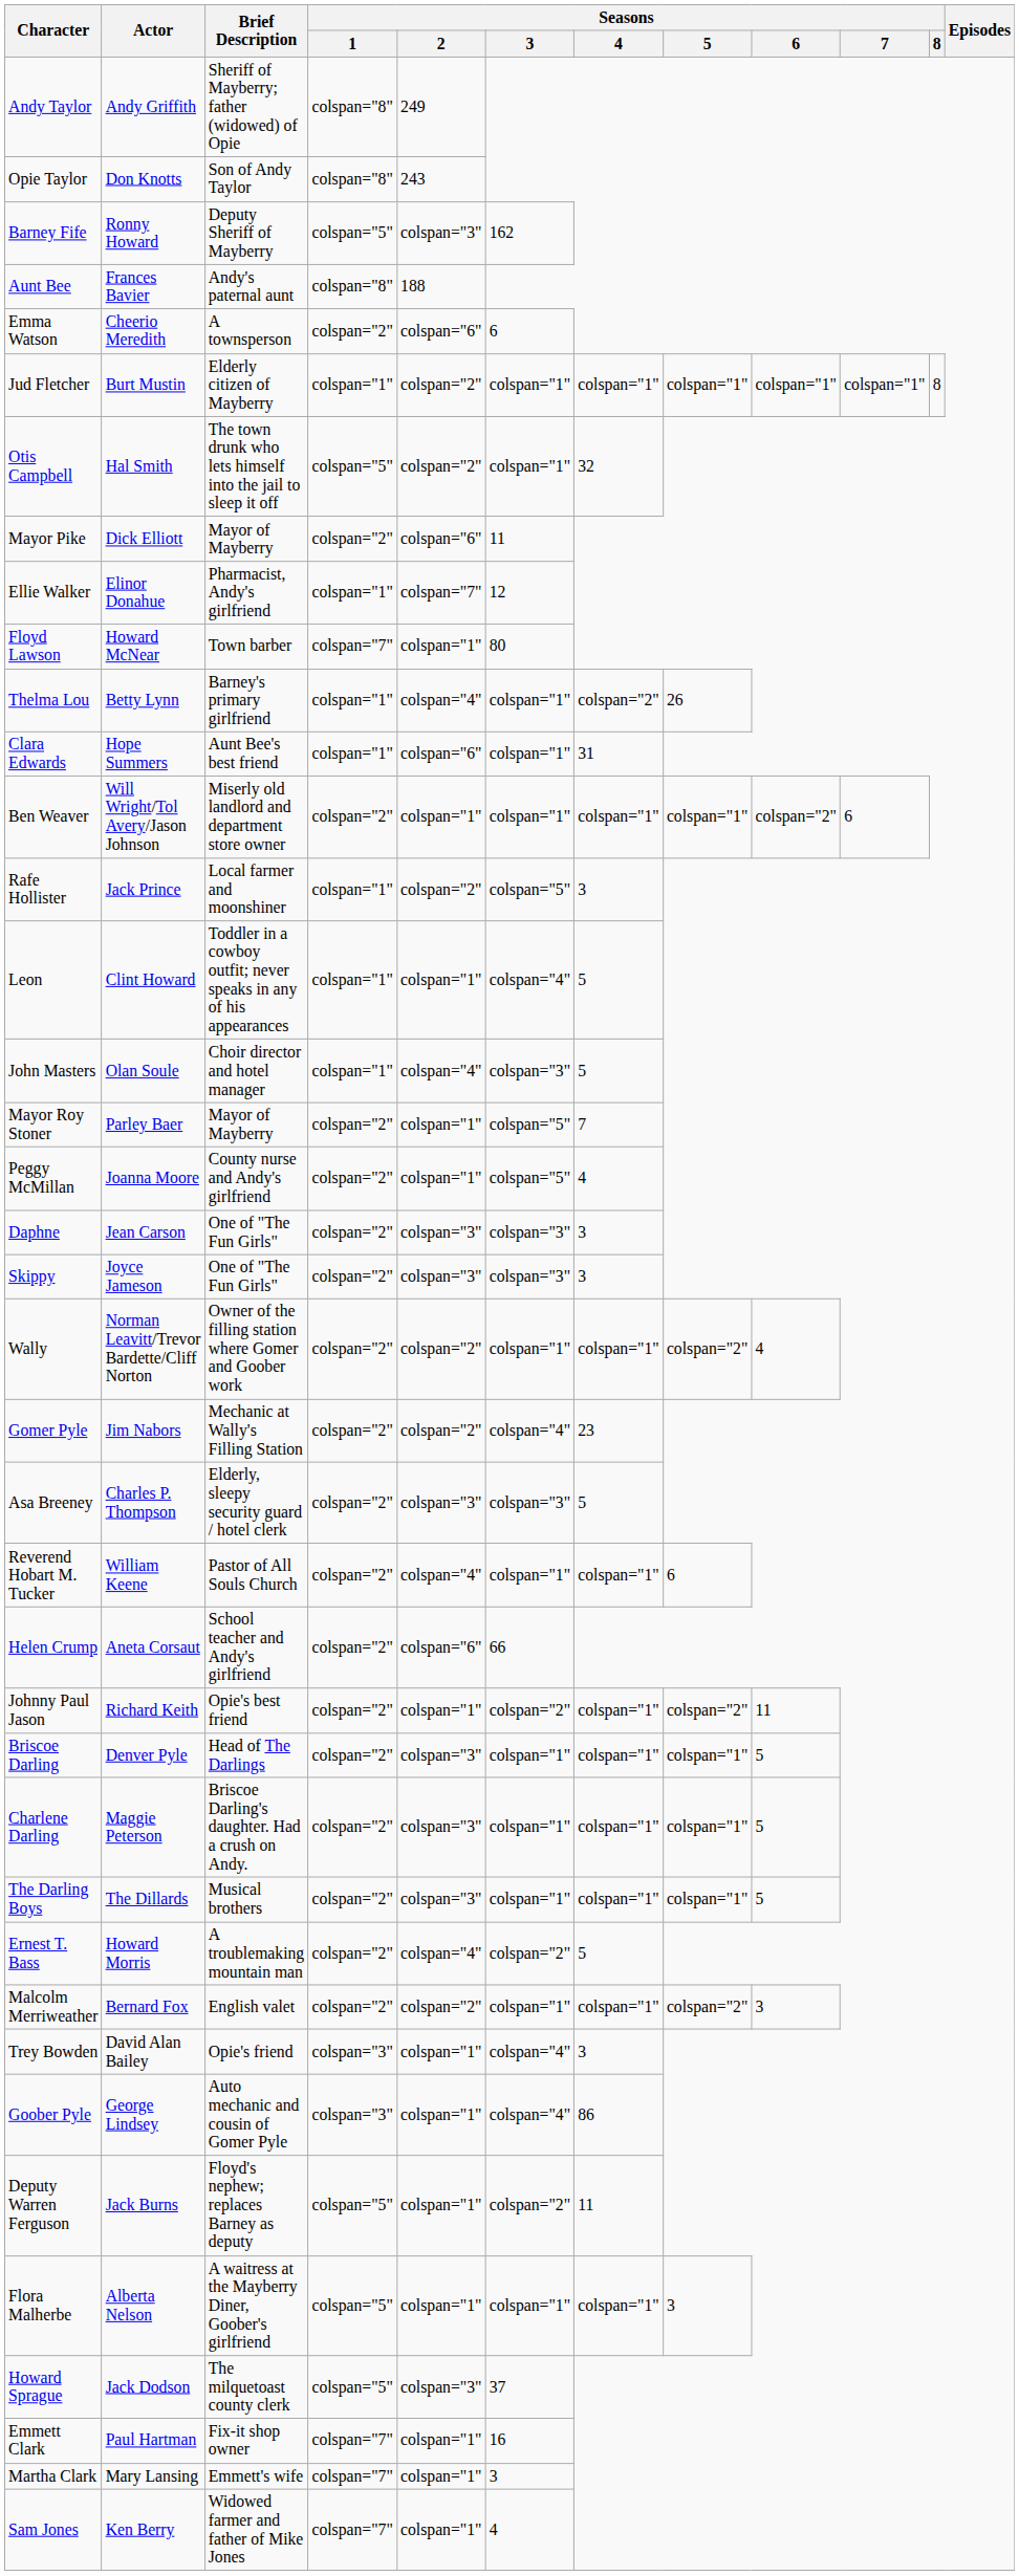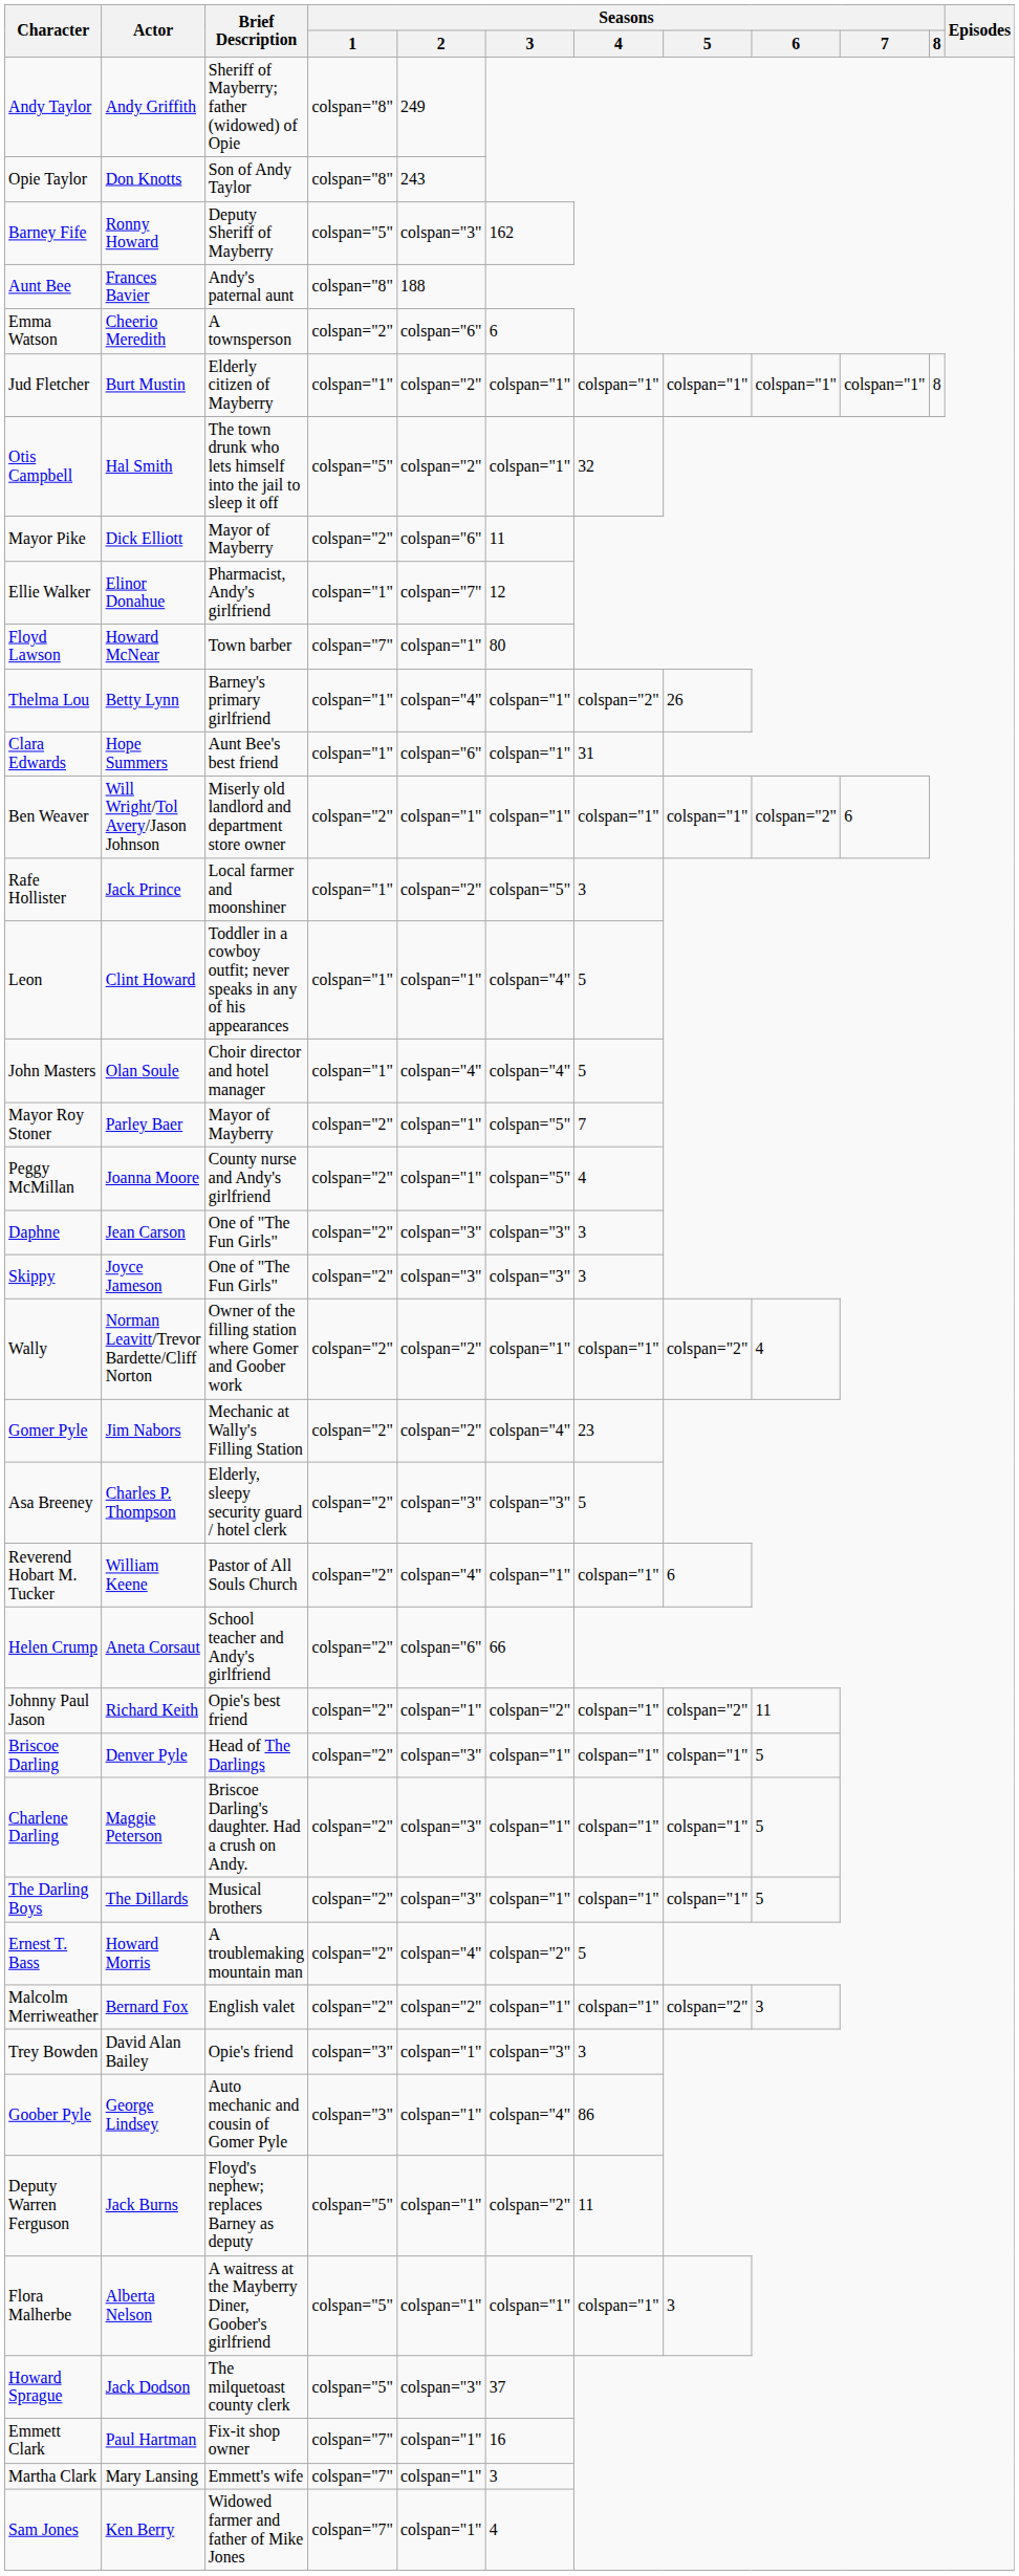 <table class="wikitable">
 <tr>
 <th rowspan="2">Character</th>
 <th rowspan="2">Actor</th>
 <th rowspan="2">Brief Description</th>
 <th colspan="8">Seasons</th>
 <th rowspan="2">Episodes</th>
 </tr>
 <tr>
 <th style="width:5%;">1</th>
 <th style="width:5%;">2</th>
 <th style="width:5%;">3</th>
 <th style="width:5%;">4</th>
 <th style="width:5%;">5</th>
 <th style="width:5%;">6</th>
 <th style="width:5%;">7</th>
 <th style="width:5%;">8</th>
 </tr>
 <tr>
 <td><a href='#'>Andy Taylor</a></td>
 <td><a href='#'>Andy Griffith</a></td>
 <td>Sheriff of Mayberry; father (widowed) of Opie</td>
 <td>colspan="8" </td>
 <td>249</td>
 </tr>
 <tr>
 <td>Opie Taylor</td>
 <td><a href='#'>Don Knotts</a></td>
 <td>Son of Andy Taylor</td>
 <td>colspan="8" </td>
 <td>243</td>
 </tr>
 <tr>
 <td><a href='#'>Barney Fife</a></td>
 <td><a href='#'>Ronny Howard</a></td>
 <td>Deputy Sheriff of Mayberry</td>
 <td>colspan="5" </td>
 <td>colspan="3" </td>
 <td>162</td>
 </tr>
 <tr>
 <td><a href='#'>Aunt Bee</a></td>
 <td><a href='#'>Frances Bavier</a></td>
 <td>Andy's paternal aunt</td>
 <td>colspan="8" </td>
 <td>188</td>
 </tr>
 <tr>
 <td>Emma Watson</td>
 <td><a href='#'>Cheerio Meredith</a></td>
 <td>A townsperson</td>
 <td>colspan="2" </td>
 <td>colspan="6" </td>
 <td>6</td>
 </tr>
 <tr>
 <td>Jud Fletcher</td>
 <td><a href='#'>Burt Mustin</a></td>
 <td>Elderly citizen of Mayberry</td>
 <td>colspan="1" </td>
 <td>colspan="2" </td>
 <td>colspan="1" </td>
 <td>colspan="1" </td>
 <td>colspan="1" </td>
 <td>colspan="1" </td>
 <td>colspan="1" </td>
 <td>8</td>
 </tr>
 <tr>
 <td><a href='#'>Otis Campbell</a></td>
 <td><a href='#'>Hal Smith</a></td>
 <td>The town drunk who lets himself into the jail to sleep it off</td>
 <td>colspan="5" </td>
 <td>colspan="2" </td>
 <td>colspan="1" </td>
 <td>32</td>
 </tr>
 <tr>
 <td>Mayor Pike</td>
 <td><a href='#'>Dick Elliott</a></td>
 <td>Mayor of Mayberry</td>
 <td>colspan="2" </td>
 <td>colspan="6" </td>
 <td>11</td>
 </tr>
 <tr>
 <td>Ellie Walker</td>
 <td><a href='#'>Elinor Donahue</a></td>
 <td>Pharmacist, Andy's girlfriend</td>
 <td>colspan="1" </td>
 <td>colspan="7" </td>
 <td>12</td>
 </tr>
 <tr>
 <td><a href='#'>Floyd Lawson</a></td>
 <td><a href='#'>Howard McNear</a></td>
 <td>Town barber</td>
 <td>colspan="7" </td>
 <td>colspan="1" </td>
 <td>80</td>
 </tr>
 <tr>
 <td><a href='#'>Thelma Lou</a></td>
 <td><a href='#'>Betty Lynn</a></td>
 <td>Barney's primary girlfriend</td>
 <td>colspan="1" </td>
 <td>colspan="4" </td>
 <td>colspan="1" </td>
 <td>colspan="2" </td>
 <td>26</td>
 </tr>
 <tr>
 <td><a href='#'>Clara Edwards</a></td>
 <td><a href='#'>Hope Summers</a></td>
 <td>Aunt Bee's best friend</td>
 <td>colspan="1" </td>
 <td>colspan="6" </td>
 <td>colspan="1" </td>
 <td>31</td>
 </tr>
 <tr>
 <td>Ben Weaver</td>
 <td><a href='#'>Will Wright</a>/<a href='#'>Tol Avery</a>/Jason Johnson</td>
 <td>Miserly old landlord and department store owner</td>
 <td>colspan="2" </td>
 <td>colspan="1" </td>
 <td>colspan="1" </td>
 <td>colspan="1" </td>
 <td>colspan="1" </td>
 <td>colspan="2" </td>
 <td>6</td>
 </tr>
 <tr>
 <td>Rafe Hollister</td>
 <td><a href='#'>Jack Prince</a></td>
 <td>Local farmer and moonshiner</td>
 <td>colspan="1" </td>
 <td>colspan="2" </td>
 <td>colspan="5" </td>
 <td>3</td>
 </tr>
 <tr>
 <td>Leon</td>
 <td><a href='#'>Clint Howard</a></td>
 <td>Toddler in a cowboy outfit; never speaks in any of his appearances</td>
 <td>colspan="1" </td>
 <td>colspan="1" </td>
 <td>colspan="4" </td>
 <td>5</td>
 </tr>
 <tr>
 <td>John Masters</td>
 <td><a href='#'>Olan Soule</a></td>
 <td>Choir director and hotel manager</td>
 <td>colspan="1" </td>
 <td>colspan="4" </td>
-<td>colspan="3" </td>
+<td>colspan="4" </td>
 <td>5</td>
 </tr>
 <tr>
 <td>Mayor Roy Stoner</td>
 <td><a href='#'>Parley Baer</a></td>
 <td>Mayor of Mayberry</td>
 <td>colspan="2" </td>
 <td>colspan="1" </td>
 <td>colspan="5" </td>
 <td>7</td>
 </tr>
 <tr>
 <td>Peggy McMillan</td>
 <td><a href='#'>Joanna Moore</a></td>
 <td>County nurse and Andy's girlfriend</td>
 <td>colspan="2" </td>
 <td>colspan="1" </td>
 <td>colspan="5" </td>
 <td>4</td>
 </tr>
 <tr>
 <td><a href='#'>Daphne</a></td>
 <td><a href='#'>Jean Carson</a></td>
 <td>One of "The Fun Girls"</td>
 <td>colspan="2" </td>
 <td>colspan="3" </td>
 <td>colspan="3" </td>
 <td>3</td>
 </tr>
 <tr>
 <td><a href='#'>Skippy</a></td>
 <td><a href='#'>Joyce Jameson</a></td>
 <td>One of "The Fun Girls"</td>
 <td>colspan="2" </td>
 <td>colspan="3" </td>
 <td>colspan="3" </td>
 <td>3</td>
 </tr>
 <tr>
 <td>Wally</td>
 <td><a href='#'>Norman Leavitt</a>/Trevor Bardette/Cliff Norton</td>
 <td>Owner of the filling station where Gomer and Goober work</td>
 <td>colspan="2" </td>
 <td>colspan="2" </td>
 <td>colspan="1" </td>
 <td>colspan="1" </td>
 <td>colspan="2" </td>
 <td>4</td>
 </tr>
 <tr>
 <td><a href='#'>Gomer Pyle</a></td>
 <td><a href='#'>Jim Nabors</a></td>
 <td>Mechanic at Wally's Filling Station</td>
 <td>colspan="2" </td>
 <td>colspan="2" </td>
 <td>colspan="4" </td>
 <td>23</td>
 </tr>
 <tr>
 <td>Asa Breeney</td>
 <td><a href='#'>Charles P. Thompson</a></td>
 <td>Elderly, sleepy security guard / hotel clerk</td>
 <td>colspan="2" </td>
 <td>colspan="3" </td>
 <td>colspan="3" </td>
 <td>5</td>
 </tr>
 <tr>
 <td>Reverend Hobart M. Tucker</td>
 <td><a href='#'>William Keene</a></td>
 <td>Pastor of All Souls Church</td>
 <td>colspan="2" </td>
 <td>colspan="4" </td>
 <td>colspan="1" </td>
 <td>colspan="1" </td>
 <td>6</td>
 </tr>
 <tr>
 <td><a href='#'>Helen Crump</a></td>
 <td><a href='#'>Aneta Corsaut</a></td>
 <td>School teacher and Andy's girlfriend</td>
 <td>colspan="2" </td>
 <td>colspan="6" </td>
 <td>66</td>
 </tr>
 <tr>
 <td>Johnny Paul Jason</td>
 <td><a href='#'>Richard Keith</a></td>
 <td>Opie's best friend</td>
 <td>colspan="2" </td>
 <td>colspan="1" </td>
 <td>colspan="2" </td>
 <td>colspan="1" </td>
 <td>colspan="2" </td>
 <td>11</td>
 </tr>
 <tr>
 <td><a href='#'>Briscoe Darling</a></td>
 <td><a href='#'>Denver Pyle</a></td>
 <td>Head of <a href='#'>The Darlings</a></td>
 <td>colspan="2" </td>
 <td>colspan="3" </td>
 <td>colspan="1" </td>
 <td>colspan="1" </td>
 <td>colspan="1" </td>
 <td>5</td>
 </tr>
 <tr>
 <td><a href='#'>Charlene Darling</a></td>
 <td><a href='#'>Maggie Peterson</a></td>
 <td>Briscoe Darling's daughter. Had a crush on Andy.</td>
 <td>colspan="2" </td>
 <td>colspan="3" </td>
 <td>colspan="1" </td>
 <td>colspan="1" </td>
 <td>colspan="1" </td>
 <td>5</td>
 </tr>
 <tr>
 <td><a href='#'>The Darling Boys</a></td>
 <td><a href='#'>The Dillards</a></td>
 <td>Musical brothers</td>
 <td>colspan="2" </td>
 <td>colspan="3" </td>
 <td>colspan="1" </td>
 <td>colspan="1" </td>
 <td>colspan="1" </td>
 <td>5</td>
 </tr>
 <tr>
 <td><a href='#'>Ernest T. Bass</a></td>
 <td><a href='#'>Howard Morris</a></td>
 <td>A troublemaking mountain man</td>
 <td>colspan="2" </td>
 <td>colspan="4" </td>
 <td>colspan="2" </td>
 <td>5</td>
 </tr>
 <tr>
 <td>Malcolm Merriweather</td>
 <td><a href='#'>Bernard Fox</a></td>
 <td>English valet</td>
 <td>colspan="2" </td>
 <td>colspan="2" </td>
 <td>colspan="1" </td>
 <td>colspan="1" </td>
 <td>colspan="2" </td>
 <td>3</td>
 </tr>
 <tr>
 <td>Trey Bowden</td>
 <td>David Alan Bailey</td>
 <td>Opie's friend</td>
 <td>colspan="3" </td>
 <td>colspan="1" </td>
-<td>colspan="4" </td>
+<td>colspan="3" </td>
 <td>3</td>
 </tr>
 <tr>
 <td><a href='#'>Goober Pyle</a></td>
 <td><a href='#'>George Lindsey</a></td>
 <td>Auto mechanic and cousin of Gomer Pyle</td>
 <td>colspan="3" </td>
 <td>colspan="1" </td>
 <td>colspan="4" </td>
 <td>86</td>
 </tr>
 <tr>
 <td>Deputy Warren Ferguson</td>
 <td><a href='#'>Jack Burns</a></td>
 <td>Floyd's nephew; replaces Barney as deputy</td>
 <td>colspan="5" </td>
 <td>colspan="1" </td>
 <td>colspan="2" </td>
 <td>11</td>
 </tr>
 <tr>
 <td>Flora Malherbe</td>
 <td><a href='#'>Alberta Nelson</a></td>
 <td>A waitress at the Mayberry Diner, Goober's girlfriend</td>
 <td>colspan="5" </td>
 <td>colspan="1" </td>
 <td>colspan="1" </td>
 <td>colspan="1" </td>
 <td>3</td>
 </tr>
 <tr>
 <td><a href='#'>Howard Sprague</a></td>
 <td><a href='#'>Jack Dodson</a></td>
 <td>The milquetoast county clerk</td>
 <td>colspan="5" </td>
 <td>colspan="3" </td>
 <td>37</td>
 </tr>
 <tr>
 <td>Emmett Clark</td>
 <td><a href='#'>Paul Hartman</a></td>
 <td>Fix-it shop owner</td>
 <td>colspan="7" </td>
 <td>colspan="1" </td>
 <td>16</td>
 </tr>
 <tr>
 <td>Martha Clark</td>
 <td>Mary Lansing</td>
 <td>Emmett's wife</td>
 <td>colspan="7" </td>
 <td>colspan="1" </td>
 <td>3</td>
 </tr>
 <tr>
 <td><a href='#'>Sam Jones</a></td>
 <td><a href='#'>Ken Berry</a></td>
 <td>Widowed farmer and father of Mike Jones</td>
 <td>colspan="7" </td>
 <td>colspan="1" </td>
 <td>4</td>
 </tr>
 </table>
